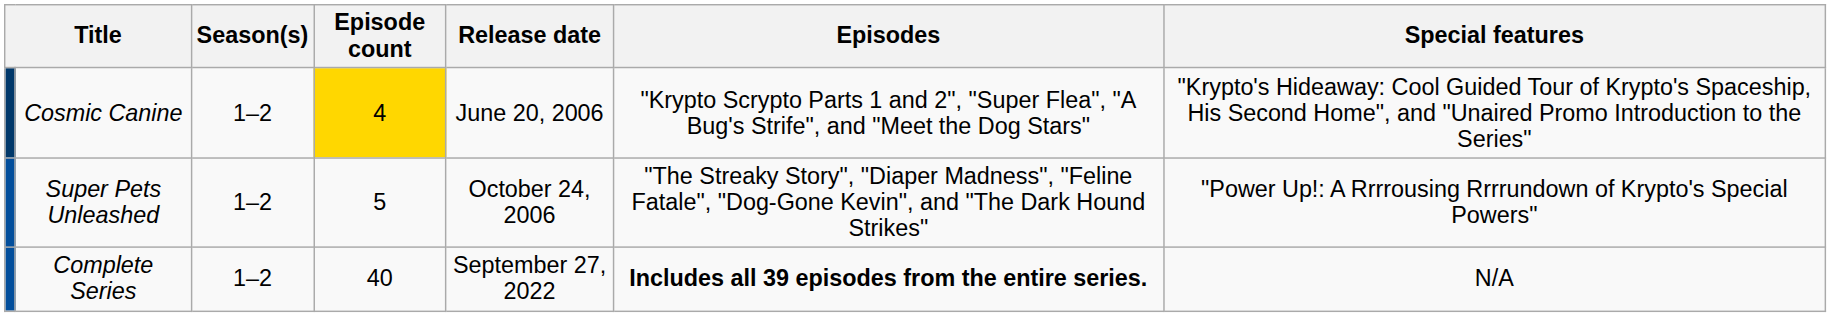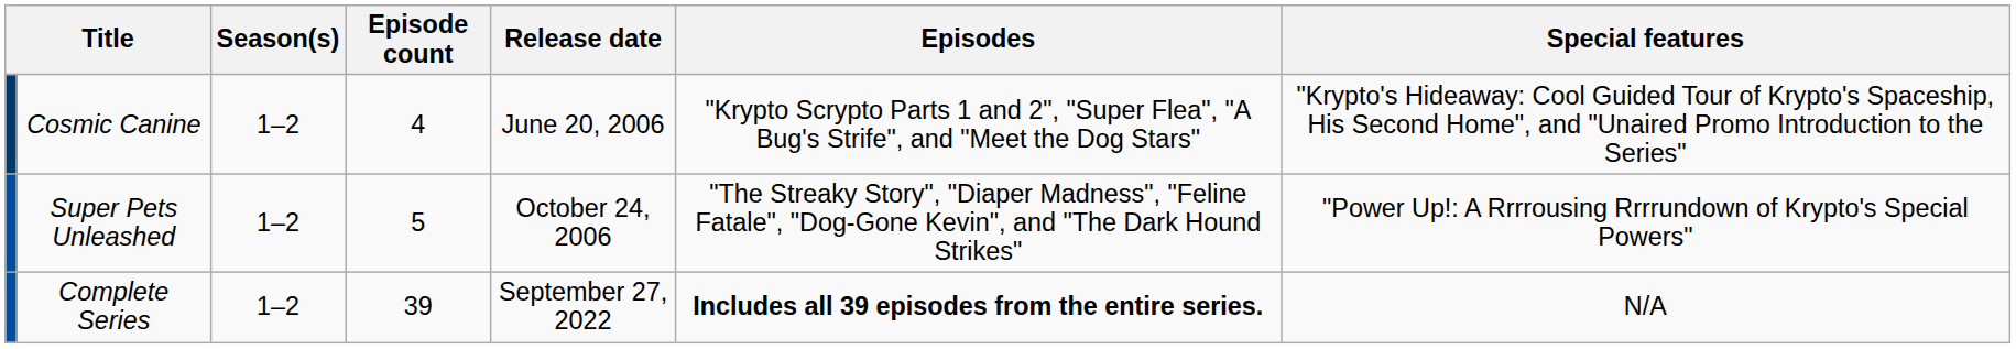 <table class="wikitable" style="text-align: center;">
 <tr>
 <th colspan=2>Title</th>
 <th>Season(s)</th>
 <th>Episode count</th>
 <th>Release date</th>
 <th>Episodes</th>
 <th>Special features</th>
 </tr>
 <tr>
 <td style="background:#00386a"></td>
 <td><em>Cosmic Canine</em></td>
 <td>1–2</td>
-<td style="background: gold;">4</td>
+<td>4</td>
 <td>June 20, 2006</td>
 <td>"Krypto Scrypto Parts 1 and 2", "Super Flea", "A Bug's Strife", and "Meet the Dog Stars"</td>
 <td>"Krypto's Hideaway: Cool Guided Tour of Krypto's Spaceship, His Second Home", and "Unaired Promo Introduction to the Series"</td>
 </tr>
 <tr>
 <td style="background:#024e9c"></td>
 <td><em>Super Pets Unleashed</em></td>
 <td>1–2</td>
 <td>5</td>
 <td>October 24, 2006</td>
 <td>"The Streaky Story", "Diaper Madness", "Feline Fatale", "Dog-Gone Kevin", and "The Dark Hound Strikes"</td>
 <td>"Power Up!: A Rrrrousing Rrrrundown of Krypto's Special Powers"</td>
 </tr>
 <tr>
 <td style="background:#024e9c"></td>
 <td><em>Complete Series</em></td>
 <td>1–2</td>
-<td>40</td>
+<td>39</td>
 <td>September 27, 2022</td>
 <td><strong>Includes all 39 episodes from the entire series.</strong></td>
 <td>N/A</td>
 </tr>
 </table>
